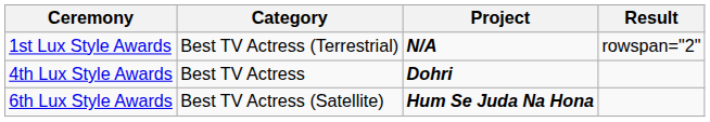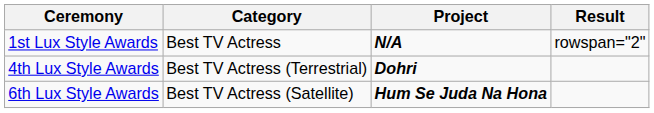 <table class="wikitable style">
 <tr>
 <th>Ceremony</th>
 <th>Category</th>
 <th>Project</th>
 <th>Result</th>
 </tr>
 <tr>
 <td><a href='#'>1st Lux Style Awards</a></td>
-<td>Best TV Actress (Terrestrial)</td>
+<td>Best TV Actress</td>
 <td><strong><em>N/A</em></strong></td>
 <td>rowspan="2" </td>
 </tr>
 <tr>
 <td><a href='#'>4th Lux Style Awards</a></td>
-<td>Best TV Actress</td>
+<td>Best TV Actress (Terrestrial)</td>
 <td><strong><em>Dohri</em></strong></td>
 </tr>
 <tr>
 <td><a href='#'>6th Lux Style Awards</a></td>
 <td>Best TV Actress (Satellite)</td>
 <td><strong><em>Hum Se Juda Na Hona</em></strong></td>
 <td></td>
 </tr>
 </table>
